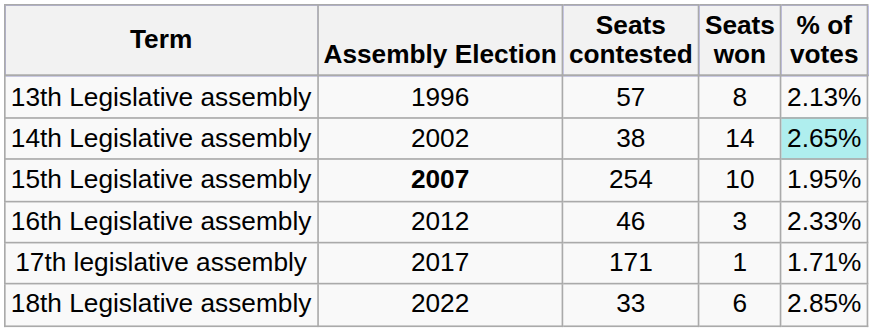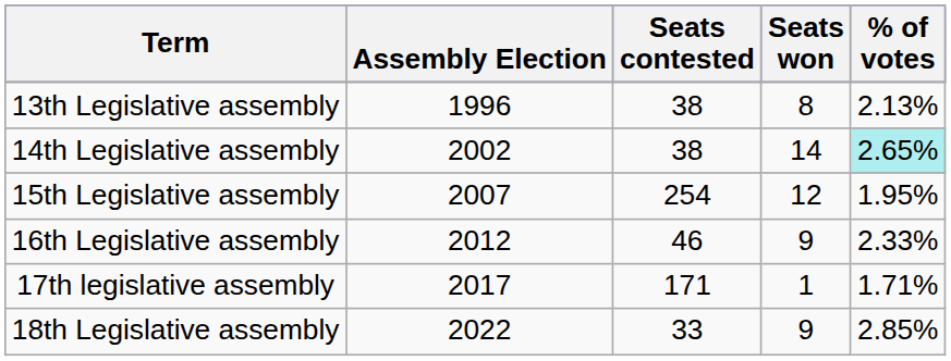 <table class="wikitable sortable" style="text-align:center;">
 <tr style="background:#00f;">
 <th style="background-color:">Term</th>
 <th style="background-color:"><br>Assembly Election</th>
 <th style="background-color:">Seats<br>contested</th>
 <th style="background-color:">Seats<br>won</th>
 <th style="background-color:">% of<br> votes</th>
 </tr>
 <tr>
 </tr>
 <tr>
 <td>13th Legislative assembly</td>
 <td>1996</td>
-<td>57</td>
+<td>38</td>
 <td>8</td>
 <td>2.13%</td>
 </tr>
 <tr>
 <td>14th Legislative assembly</td>
 <td>2002</td>
 <td>38</td>
 <td>14</td>
 <td style="background: paleturquoise;">2.65%</td>
 </tr>
 <tr>
 <td>15th Legislative assembly</td>
-<td><strong>2007</strong></td>
+<td>2007</td>
 <td>254</td>
-<td>10</td>
+<td>12</td>
 <td>1.95%</td>
 </tr>
 <tr>
 <td>16th Legislative assembly</td>
 <td>2012</td>
 <td>46</td>
-<td>3</td>
+<td>9</td>
 <td>2.33%</td>
 </tr>
 <tr>
 <td>17th legislative assembly</td>
 <td>2017</td>
 <td>171</td>
 <td>1</td>
 <td>1.71%</td>
 </tr>
 <tr>
 <td>18th Legislative assembly</td>
 <td>2022</td>
 <td>33</td>
-<td>6</td>
+<td>9</td>
 <td>2.85%</td>
 </tr>
 </table>
